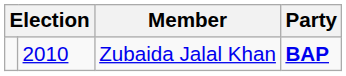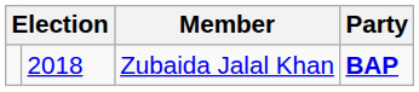 <table class="wikitable">
 <tr>
 <th colspan="2">Election</th>
 <th>Member</th>
 <th>Party</th>
 </tr>
 <tr>
 <td style="background-color: "></td>
-<td><a href='#'>2010</a></td>
+<td><a href='#'>2018</a></td>
 <td><a href='#'>Zubaida Jalal Khan</a></td>
 <td><strong><a href='#'>BAP</a></strong></td>
 </tr>
 </table>
